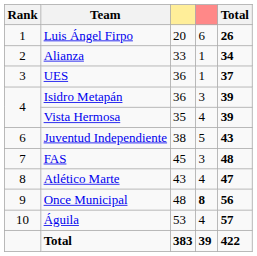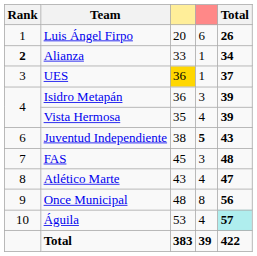 <table class="wikitable" border="1">
 <tr>
 <th>Rank</th>
 <th>Team</th>
 <th width=20 style="background: #FFEE99"></th>
 <th width=20 style="background: #FF8888"></th>
 <th>Total</th>
 </tr>
 <tr>
 <td align=center>1</td>
 <td><a href='#'>Luis Ángel Firpo</a></td>
 <td>20</td>
 <td>6</td>
 <td><strong>26</strong></td>
 </tr>
 <tr>
-<td align=center>2</td>
+<td align=center><strong>2</strong></td>
 <td><a href='#'>Alianza</a></td>
 <td>33</td>
 <td>1</td>
 <td><strong>34</strong></td>
 </tr>
 <tr>
 <td align=center>3</td>
 <td><a href='#'>UES</a></td>
-<td>36</td>
+<td style="background: gold;">36</td>
 <td>1</td>
 <td><strong>37</strong></td>
 </tr>
 <tr>
 <td rowspan="2" align=center>4</td>
 <td><a href='#'>Isidro Metapán</a></td>
 <td>36</td>
 <td>3</td>
 <td><strong>39</strong></td>
 </tr>
 <tr>
 <td><a href='#'>Vista Hermosa</a></td>
 <td>35</td>
 <td>4</td>
 <td><strong>39</strong></td>
 </tr>
 <tr>
 <td align=center>6</td>
 <td><a href='#'>Juventud Independiente</a></td>
 <td>38</td>
-<td>5</td>
+<td><strong>5</strong></td>
 <td><strong>43</strong></td>
 </tr>
 <tr>
 <td align=center>7</td>
 <td><a href='#'>FAS</a></td>
 <td>45</td>
 <td>3</td>
 <td><strong>48</strong></td>
 </tr>
 <tr>
 <td align=center>8</td>
 <td><a href='#'>Atlético Marte</a></td>
 <td>43</td>
 <td>4</td>
 <td><strong>47</strong></td>
 </tr>
 <tr>
 <td align=center>9</td>
 <td><a href='#'>Once Municipal</a></td>
 <td>48</td>
-<td><strong>8</strong></td>
+<td>8</td>
 <td><strong>56</strong></td>
 </tr>
 <tr>
 <td align=center>10</td>
 <td><a href='#'>Águila</a></td>
 <td>53</td>
 <td>4</td>
-<td><strong>57</strong></td>
+<td style="background: paleturquoise;"><strong>57</strong></td>
 </tr>
 <tr>
 <td></td>
 <td><strong>Total</strong></td>
 <td><strong>383</strong></td>
 <td><strong>39</strong></td>
 <td><strong>422</strong></td>
 </tr>
 </table>
